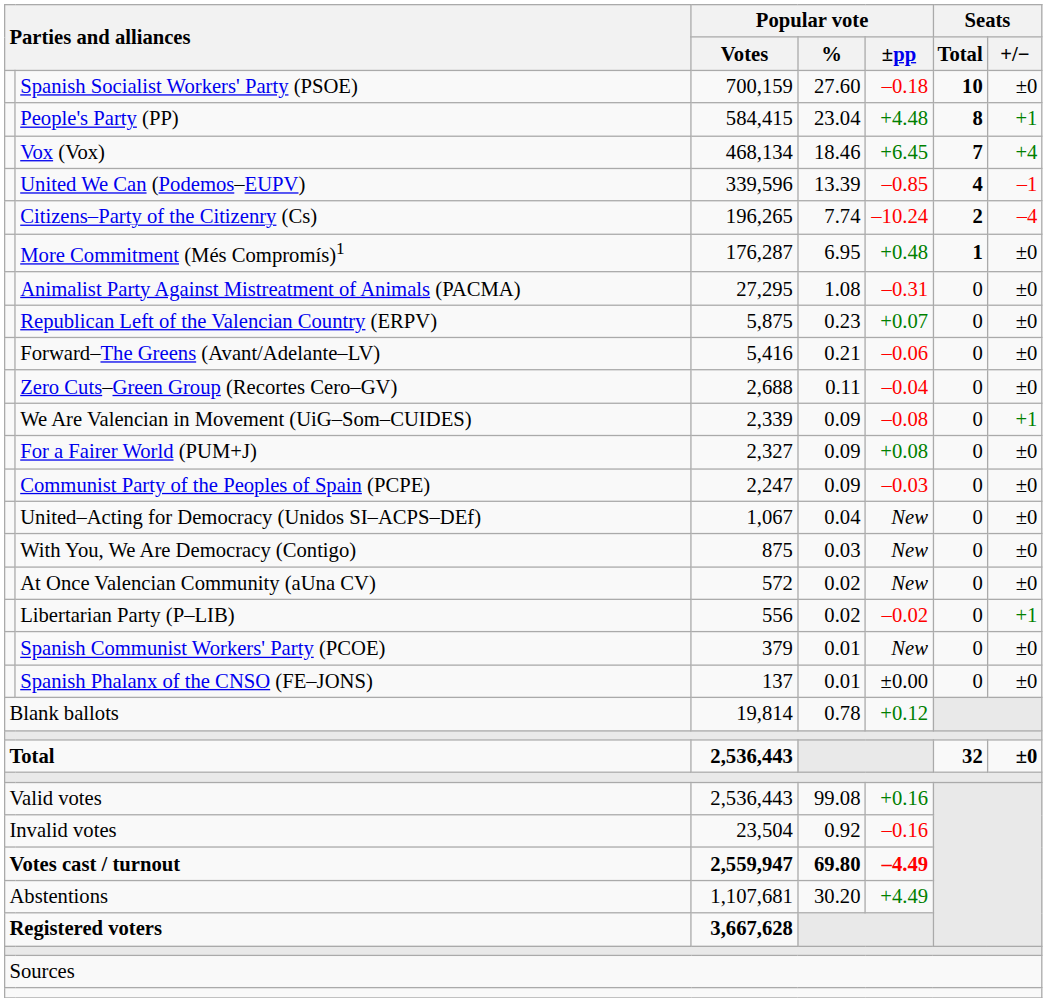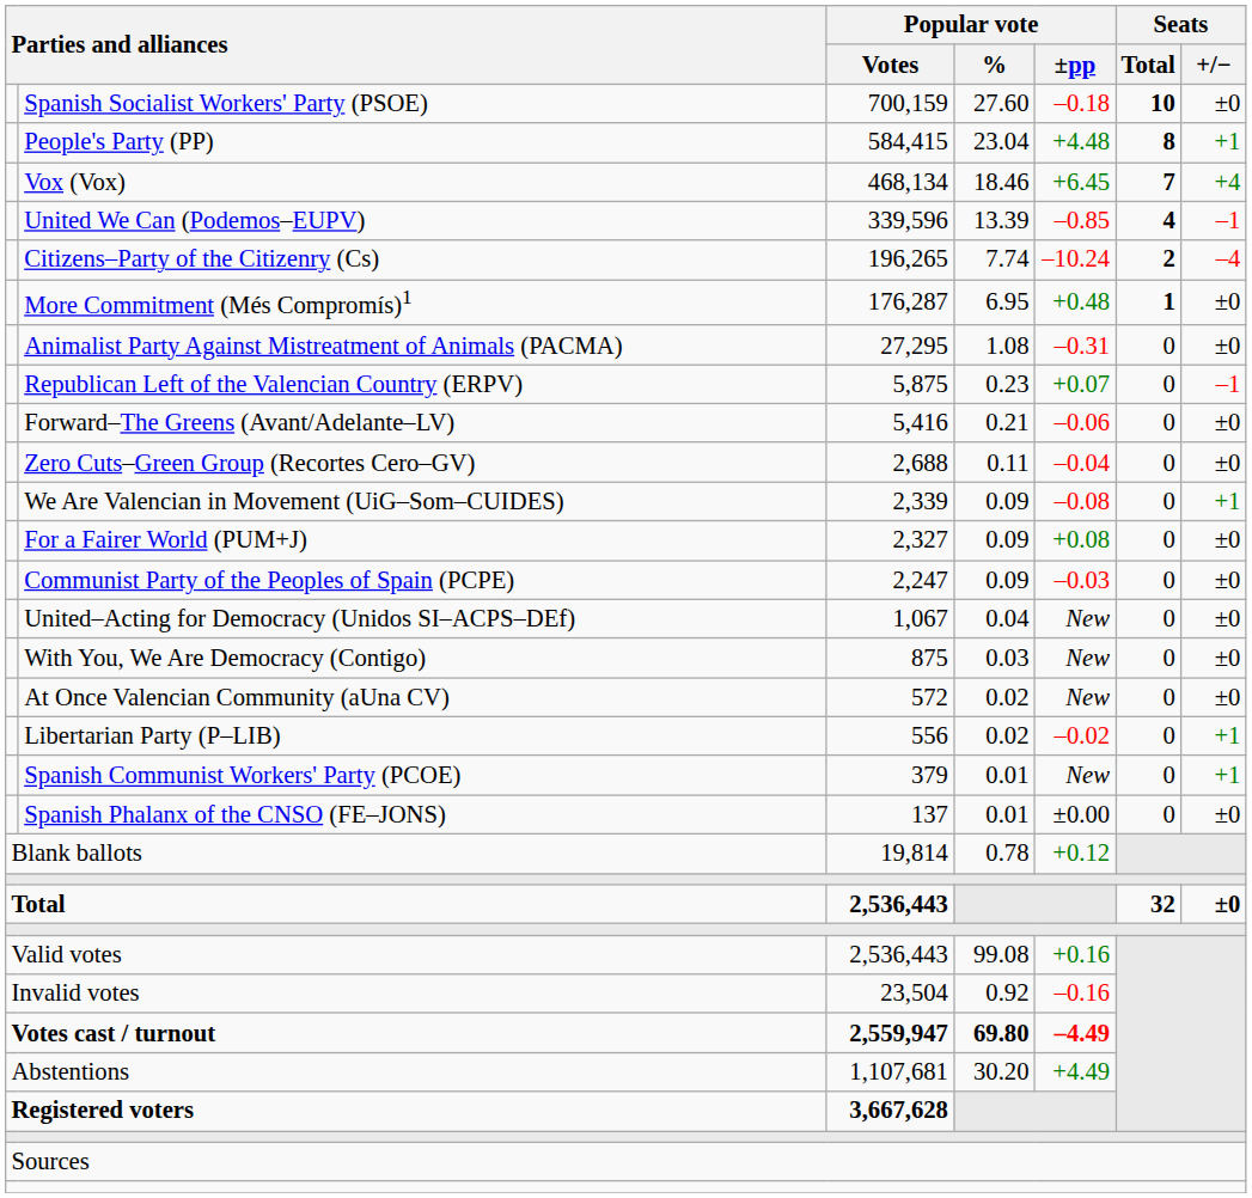 <table class="wikitable" style="text-align:right;">
 <tr>
 <th style="text-align:left;" rowspan="2" colspan="2" width="525">Parties and alliances</th>
 <th colspan="3">Popular vote</th>
 <th colspan="2">Seats</th>
 </tr>
 <tr>
 <th width="75">Votes</th>
 <th width="45">%</th>
 <th width="45">±<a href='#'>pp</a></th>
 <th width="35">Total</th>
 <th width="35">+/−</th>
 </tr>
 <tr>
 <td width="1" style="color:inherit;background:"></td>
 <td align="left"><a href='#'>Spanish Socialist Workers' Party</a> (PSOE)</td>
 <td>700,159</td>
 <td>27.60</td>
 <td style="color:red;">–0.18</td>
 <td><strong>10</strong></td>
 <td>±0</td>
 </tr>
 <tr>
 <td style="color:inherit;background:"></td>
 <td align="left"><a href='#'>People's Party</a> (PP)</td>
 <td>584,415</td>
 <td>23.04</td>
 <td style="color:green;">+4.48</td>
 <td><strong>8</strong></td>
 <td style="color:green;">+1</td>
 </tr>
 <tr>
 <td style="color:inherit;background:"></td>
 <td align="left"><a href='#'>Vox</a> (Vox)</td>
 <td>468,134</td>
 <td>18.46</td>
 <td style="color:green;">+6.45</td>
 <td><strong>7</strong></td>
 <td style="color:green;">+4</td>
 </tr>
 <tr>
 <td style="color:inherit;background:"></td>
 <td align="left"><a href='#'>United We Can</a> (<a href='#'>Podemos</a>–<a href='#'>EUPV</a>)</td>
 <td>339,596</td>
 <td>13.39</td>
 <td style="color:red;">–0.85</td>
 <td><strong>4</strong></td>
 <td style="color:red;">–1</td>
 </tr>
 <tr>
 <td style="color:inherit;background:"></td>
 <td align="left"><a href='#'>Citizens–Party of the Citizenry</a> (Cs)</td>
 <td>196,265</td>
 <td>7.74</td>
 <td style="color:red;">–10.24</td>
 <td><strong>2</strong></td>
 <td style="color:red;">–4</td>
 </tr>
 <tr>
 <td style="color:inherit;background:"></td>
 <td align="left"><a href='#'>More Commitment</a> (Més Compromís)<sup>1</sup></td>
 <td>176,287</td>
 <td>6.95</td>
 <td style="color:green;">+0.48</td>
 <td><strong>1</strong></td>
 <td>±0</td>
 </tr>
 <tr>
 <td style="color:inherit;background:"></td>
 <td align="left"><a href='#'>Animalist Party Against Mistreatment of Animals</a> (PACMA)</td>
 <td>27,295</td>
 <td>1.08</td>
 <td style="color:red;">–0.31</td>
 <td>0</td>
 <td>±0</td>
 </tr>
 <tr>
 <td style="color:inherit;background:"></td>
 <td align="left"><a href='#'>Republican Left of the Valencian Country</a> (ERPV)</td>
 <td>5,875</td>
 <td>0.23</td>
 <td style="color:green;">+0.07</td>
 <td>0</td>
-<td>±0</td>
+<td style="color:red;">–1</td>
 </tr>
 <tr>
 <td style="color:inherit;background:"></td>
 <td align="left">Forward–<a href='#'>The Greens</a> (Avant/Adelante–LV)</td>
 <td>5,416</td>
 <td>0.21</td>
 <td style="color:red;">–0.06</td>
 <td>0</td>
 <td>±0</td>
 </tr>
 <tr>
 <td style="color:inherit;background:"></td>
 <td align="left"><a href='#'>Zero Cuts</a>–<a href='#'>Green Group</a> (Recortes Cero–GV)</td>
 <td>2,688</td>
 <td>0.11</td>
 <td style="color:red;">–0.04</td>
 <td>0</td>
 <td>±0</td>
 </tr>
 <tr>
 <td style="color:inherit;background:"></td>
 <td align="left">We Are Valencian in Movement (UiG–Som–CUIDES)</td>
 <td>2,339</td>
 <td>0.09</td>
 <td style="color:red;">–0.08</td>
 <td>0</td>
 <td style="color:green;">+1</td>
 </tr>
 <tr>
 <td style="color:inherit;background:"></td>
 <td align="left"><a href='#'>For a Fairer World</a> (PUM+J)</td>
 <td>2,327</td>
 <td>0.09</td>
 <td style="color:green;">+0.08</td>
 <td>0</td>
 <td>±0</td>
 </tr>
 <tr>
 <td style="color:inherit;background:"></td>
 <td align="left"><a href='#'>Communist Party of the Peoples of Spain</a> (PCPE)</td>
 <td>2,247</td>
 <td>0.09</td>
 <td style="color:red;">–0.03</td>
 <td>0</td>
 <td>±0</td>
 </tr>
 <tr>
 <td style="color:inherit;background:"></td>
 <td align="left">United–Acting for Democracy (Unidos SI–ACPS–DEf)</td>
 <td>1,067</td>
 <td>0.04</td>
 <td><em>New</em></td>
 <td>0</td>
 <td>±0</td>
 </tr>
 <tr>
 <td style="color:inherit;background:"></td>
 <td align="left">With You, We Are Democracy (Contigo)</td>
 <td>875</td>
 <td>0.03</td>
 <td><em>New</em></td>
 <td>0</td>
 <td>±0</td>
 </tr>
 <tr>
 <td style="color:inherit;background:"></td>
 <td align="left">At Once Valencian Community (aUna CV)</td>
 <td>572</td>
 <td>0.02</td>
 <td><em>New</em></td>
 <td>0</td>
 <td>±0</td>
 </tr>
 <tr>
 <td style="color:inherit;background:"></td>
 <td align="left">Libertarian Party (P–LIB)</td>
 <td>556</td>
 <td>0.02</td>
 <td style="color:red;">–0.02</td>
 <td>0</td>
 <td style="color:green;">+1</td>
 </tr>
 <tr>
 <td style="color:inherit;background:"></td>
 <td align="left"><a href='#'>Spanish Communist Workers' Party</a> (PCOE)</td>
 <td>379</td>
 <td>0.01</td>
 <td><em>New</em></td>
 <td>0</td>
-<td>±0</td>
+<td style="color:green;">+1</td>
 </tr>
 <tr>
 <td style="color:inherit;background:"></td>
 <td align="left"><a href='#'>Spanish Phalanx of the CNSO</a> (FE–JONS)</td>
 <td>137</td>
 <td>0.01</td>
 <td>±0.00</td>
 <td>0</td>
 <td>±0</td>
 </tr>
 <tr>
 <td align="left" colspan="2">Blank ballots</td>
 <td>19,814</td>
 <td>0.78</td>
 <td style="color:green;">+0.12</td>
 <td bgcolor="#E9E9E9" colspan="2"></td>
 </tr>
 <tr>
 <td colspan="7" bgcolor="#E9E9E9"></td>
 </tr>
 <tr style="font-weight:bold;">
 <td align="left" colspan="2">Total</td>
 <td>2,536,443</td>
 <td bgcolor="#E9E9E9" colspan="2"></td>
 <td>32</td>
 <td>±0</td>
 </tr>
 <tr>
 <td colspan="7" bgcolor="#E9E9E9"></td>
 </tr>
 <tr>
 <td align="left" colspan="2">Valid votes</td>
 <td>2,536,443</td>
 <td>99.08</td>
 <td style="color:green;">+0.16</td>
 <td bgcolor="#E9E9E9" colspan="2" rowspan="5"></td>
 </tr>
 <tr>
 <td align="left" colspan="2">Invalid votes</td>
 <td>23,504</td>
 <td>0.92</td>
 <td style="color:red;">–0.16</td>
 </tr>
 <tr style="font-weight:bold;">
 <td align="left" colspan="2">Votes cast / turnout</td>
 <td>2,559,947</td>
 <td>69.80</td>
 <td style="color:red;">–4.49</td>
 </tr>
 <tr>
 <td align="left" colspan="2">Abstentions</td>
 <td>1,107,681</td>
 <td>30.20</td>
 <td style="color:green;">+4.49</td>
 </tr>
 <tr style="font-weight:bold;">
 <td align="left" colspan="2">Registered voters</td>
 <td>3,667,628</td>
 <td bgcolor="#E9E9E9" colspan="2"></td>
 </tr>
 <tr>
 <td colspan="7" bgcolor="#E9E9E9"></td>
 </tr>
 <tr>
 <td align="left" colspan="7">Sources</td>
 </tr>
 <tr>
 <td colspan="7" style="text-align:left; max-width:790px;"></td>
 </tr>
 </table>
